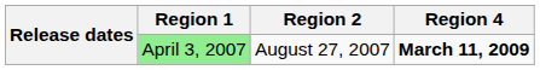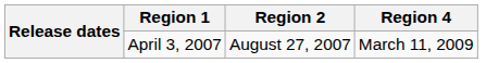 <table class="wikitable">
 <tr>
 <th colspan=2 rowspan=2>Release dates</th>
 <th>Region 1</th>
 <th>Region 2</th>
 <th>Region 4</th>
 </tr>
 <tr>
-<td style="background: lightgreen;">April 3, 2007</td>
+<td>April 3, 2007</td>
 <td>August 27, 2007</td>
-<td><strong>March 11, 2009</strong></td>
+<td>March 11, 2009</td>
 </tr>
 </table>
